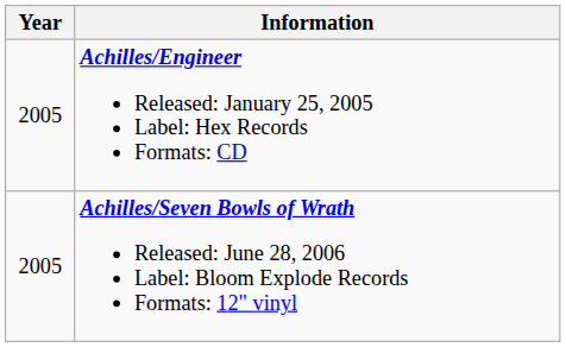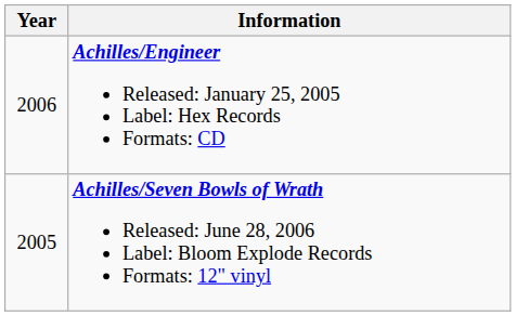 <table class="wikitable">
 <tr>
 <th rowspan="1" width="44">Year</th>
 <th rowspan="1" width="350">Information</th>
 </tr>
 <tr>
-<td align=center width="44">2005</td>
+<td align=center width="44">2006</td>
 <td width="350"><strong><em><a href='#'>Achilles/Engineer</a></em></strong><br><ul><li>Released: January 25, 2005</li><li>Label: Hex Records</li><li>Formats: <a href='#'>CD</a></li></ul></td>
 </tr>
 <tr>
 <td align=center width="44">2005</td>
 <td width="350"><strong><em><a href='#'>Achilles/Seven Bowls of Wrath</a></em></strong><br><ul><li>Released: June 28, 2006</li><li>Label: Bloom Explode Records</li><li>Formats: <a href='#'>12" vinyl</a></li></ul></td>
 </tr>
 </table>
